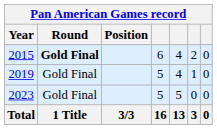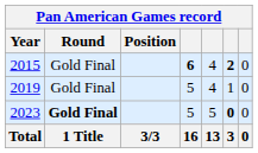 <table class="wikitable" style="text-align: center;">
 <tr>
 <th colspan=7><a href='#'>Pan American Games record</a></th>
 </tr>
 <tr>
 <th>Year</th>
 <th>Round</th>
 <th>Position</th>
 <th></th>
 <th></th>
 <th></th>
 <th></th>
 </tr>
 <tr style="background:#def;">
 <td> <a href='#'>2015</a></td>
-<td><strong>Gold Final</strong></td>
+<td>Gold Final</td>
 <td></td>
-<td>6</td>
+<td><strong>6</strong></td>
 <td>4</td>
-<td>2</td>
+<td><strong>2</strong></td>
 <td>0</td>
 </tr>
 <tr style="background:#def;">
 <td> <a href='#'>2019</a></td>
 <td>Gold Final</td>
 <td></td>
 <td>5</td>
 <td>4</td>
 <td>1</td>
 <td>0</td>
 </tr>
 <tr style="background:#def;">
 <td> <a href='#'>2023</a></td>
-<td>Gold Final</td>
+<td><strong>Gold Final</strong></td>
 <td></td>
 <td>5</td>
 <td>5</td>
-<td>0</td>
+<td><strong>0</strong></td>
 <td>0</td>
 </tr>
 <tr>
 <th>Total</th>
 <th>1 Title</th>
 <th>3/3</th>
 <th>16</th>
 <th>13</th>
 <th>3</th>
 <th>0</th>
 </tr>
 </table>
